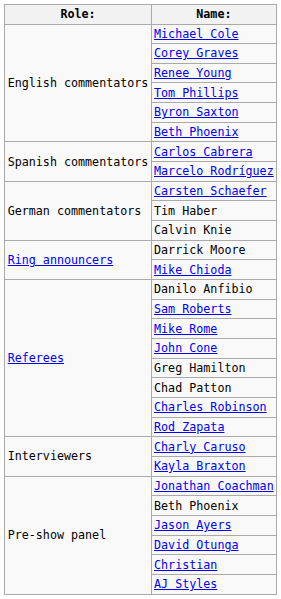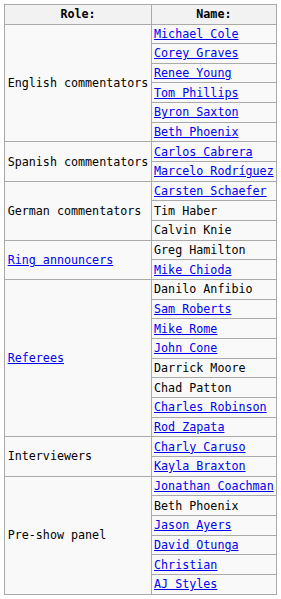 <table class=wikitable style="font-size:90%; margin: 0.5em 0 0.5em 1em; float: right; clear: right;">
 <tr>
 <th>Role:</th>
 <th>Name:</th>
 </tr>
 <tr>
 <td rowspan=6>English commentators</td>
 <td><a href='#'>Michael Cole</a> </td>
 </tr>
 <tr>
 <td><a href='#'>Corey Graves</a> </td>
 </tr>
 <tr>
 <td><a href='#'>Renee Young</a> </td>
 </tr>
 <tr>
 <td><a href='#'>Tom Phillips</a> </td>
 </tr>
 <tr>
 <td><a href='#'>Byron Saxton</a> </td>
 </tr>
 <tr>
 <td><a href='#'>Beth Phoenix</a> </td>
 </tr>
 <tr>
 <td rowspan=2>Spanish commentators</td>
 <td><a href='#'>Carlos Cabrera</a></td>
 </tr>
 <tr>
 <td><a href='#'>Marcelo Rodríguez</a></td>
 </tr>
 <tr>
 <td rowspan=3>German commentators</td>
 <td><a href='#'>Carsten Schaefer</a></td>
 </tr>
 <tr>
 <td>Tim Haber</td>
 </tr>
 <tr>
 <td>Calvin Knie</td>
 </tr>
 <tr>
 <td rowspan=2><a href='#'>Ring announcers</a></td>
-<td>Darrick Moore</td>
+<td>Greg Hamilton </td>
 </tr>
 <tr>
 <td><a href='#'>Mike Chioda</a></td>
 </tr>
 <tr>
 <td rowspan=8><a href='#'>Referees</a></td>
 <td>Danilo Anfibio</td>
 </tr>
 <tr>
 <td><a href='#'>Sam Roberts</a></td>
 </tr>
 <tr>
 <td><a href='#'>Mike Rome</a> </td>
 </tr>
 <tr>
 <td><a href='#'>John Cone</a></td>
 </tr>
 <tr>
-<td>Greg Hamilton </td>
+<td>Darrick Moore</td>
 </tr>
 <tr>
 <td>Chad Patton</td>
 </tr>
 <tr>
 <td><a href='#'>Charles Robinson</a></td>
 </tr>
 <tr>
 <td><a href='#'>Rod Zapata</a></td>
 </tr>
 <tr>
 <td rowspan=2>Interviewers</td>
 <td><a href='#'>Charly Caruso</a></td>
 </tr>
 <tr>
 <td><a href='#'>Kayla Braxton</a></td>
 </tr>
 <tr>
 <td rowspan=6>Pre-show panel</td>
 <td><a href='#'>Jonathan Coachman</a></td>
 </tr>
 <tr>
 <td>Beth Phoenix</td>
 </tr>
 <tr>
 <td><a href='#'>Jason Ayers</a></td>
 </tr>
 <tr>
 <td><a href='#'>David Otunga</a></td>
 </tr>
 <tr>
 <td><a href='#'>Christian</a></td>
 </tr>
 <tr>
 <td><a href='#'>AJ Styles</a></td>
 </tr>
 <tr>
 </tr>
 </table>
